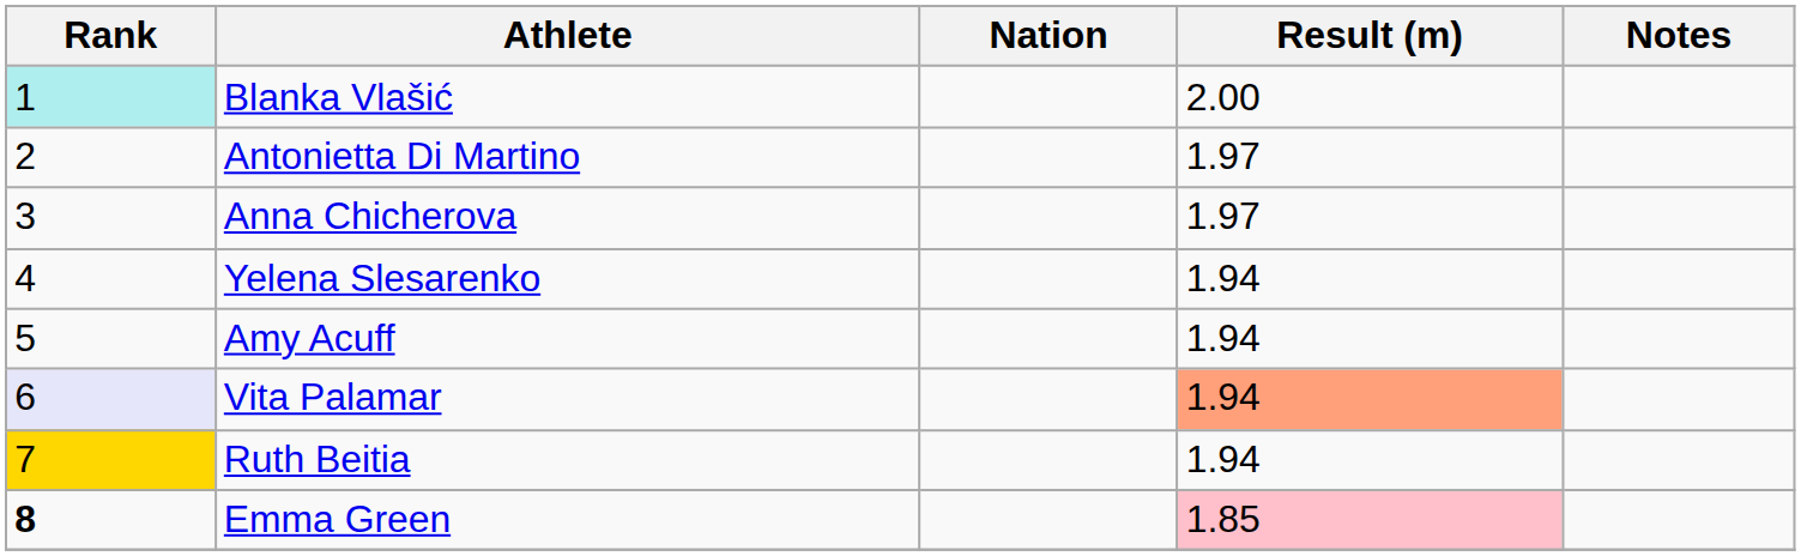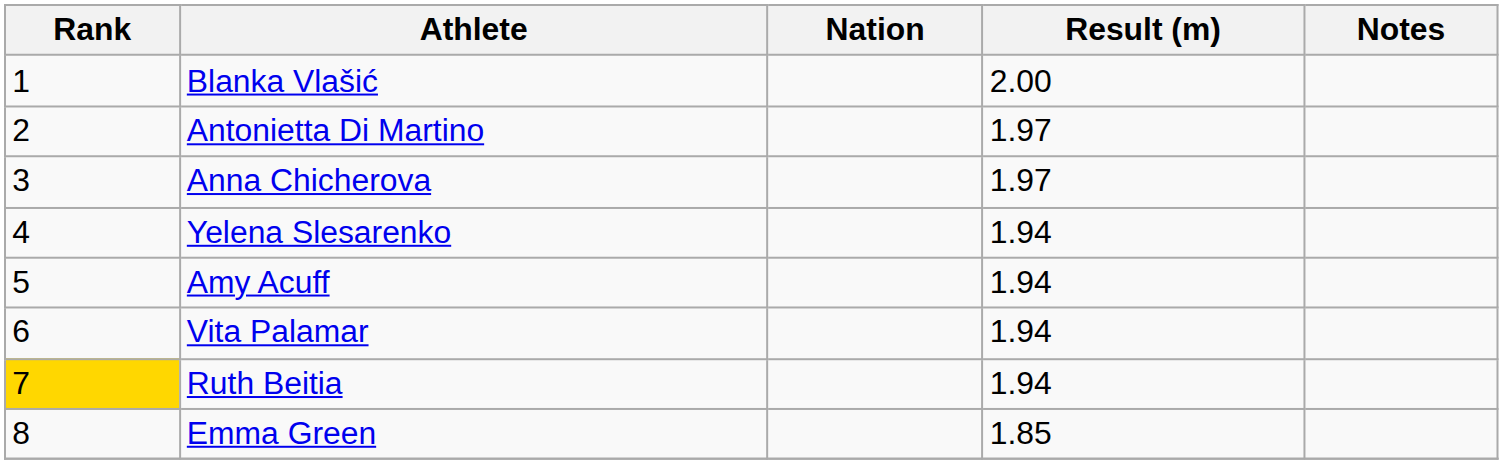 <table class="wikitable" style="text=align:center;" width=85%>
 <tr>
 <th>Rank</th>
 <th>Athlete</th>
 <th>Nation</th>
 <th>Result (m)</th>
 <th>Notes</th>
 </tr>
 <tr>
-<td style="background: paleturquoise;">1</td>
+<td>1</td>
 <td><a href='#'>Blanka Vlašić</a></td>
 <td></td>
 <td>2.00</td>
 <td></td>
 </tr>
 <tr>
 <td>2</td>
 <td><a href='#'>Antonietta Di Martino</a></td>
 <td></td>
 <td>1.97</td>
 <td></td>
 </tr>
 <tr>
 <td>3</td>
 <td><a href='#'>Anna Chicherova</a></td>
 <td></td>
 <td>1.97</td>
 <td></td>
 </tr>
 <tr>
 <td>4</td>
 <td><a href='#'>Yelena Slesarenko</a></td>
 <td></td>
 <td>1.94</td>
 <td></td>
 </tr>
 <tr>
 <td>5</td>
 <td><a href='#'>Amy Acuff</a></td>
 <td></td>
 <td>1.94</td>
 <td></td>
 </tr>
 <tr>
-<td style="background: lavender;">6</td>
+<td>6</td>
 <td><a href='#'>Vita Palamar</a></td>
 <td></td>
-<td style="background: lightsalmon;">1.94</td>
+<td>1.94</td>
 <td></td>
 </tr>
 <tr>
 <td style="background: gold;">7</td>
 <td><a href='#'>Ruth Beitia</a></td>
 <td></td>
 <td>1.94</td>
 <td></td>
 </tr>
 <tr>
-<td><strong>8</strong></td>
+<td>8</td>
 <td><a href='#'>Emma Green</a></td>
 <td></td>
-<td style="background: pink;">1.85</td>
+<td>1.85</td>
 <td></td>
 </tr>
 <tr>
 </tr>
 </table>
